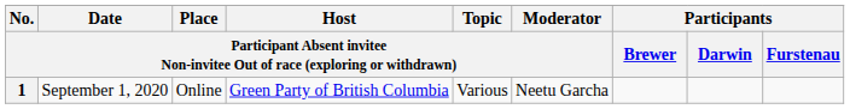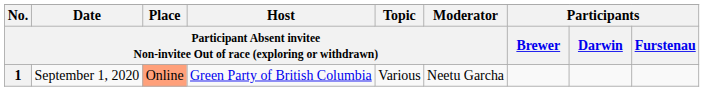 <table class="wikitable" text-align:center;">
 <tr>
 </tr>
 <tr>
 <th style="white-space:nowrap;">No.</th>
 <th>Date</th>
 <th>Place</th>
 <th>Host</th>
 <th>Topic</th>
 <th>Moderator</th>
 <th scope="col" colspan="10">Participants</th>
 </tr>
 <tr>
 <th colspan="6"><small> Participant  Absent invitee <br>  Non-invitee  Out of race (exploring or withdrawn)</small></th>
 <th scope="col" style="width:4em;"><a href='#'>Brewer</a></th>
 <th scope="col" style="width:4em;"><a href='#'>Darwin</a></th>
 <th scope="col" style="width:4em;"><a href='#'>Furstenau</a></th>
 </tr>
 <tr>
 <th>1</th>
 <td style="white-space:nowrap;">September 1, 2020</td>
-<td style="white-space:nowrap;">Online</td>
+<td style="background: lightsalmon; white-space:nowrap;">Online</td>
 <td style="white-space:nowrap; text-align:center;"><a href='#'>Green Party of British Columbia</a></td>
 <td style="white-space:nowrap;">Various</td>
 <td style="white-space:nowrap;">Neetu Garcha</td>
 <td></td>
 <td></td>
 <td></td>
 </tr>
 </table>
